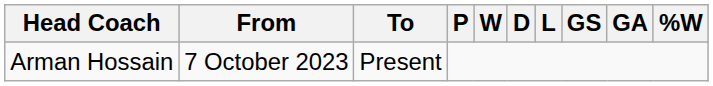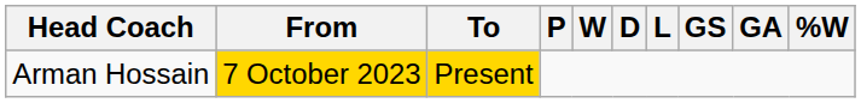 <table class="wikitable sortable" style="text-align: center">
 <tr>
 <th>Head Coach</th>
 <th class="unsortable">From</th>
 <th class="unsortable">To</th>
 <th abbr="3">P</th>
 <th abbr="1">W</th>
 <th abbr="1">D</th>
 <th abbr="1">L</th>
 <th abbr="4">GS</th>
 <th abbr="6">GA</th>
 <th abbr="50">%W</th>
 </tr>
 <tr>
 <td align="left"> Arman Hossain</td>
-<td align="left">7 October 2023</td>
-<td align="left">Present<br></td>
+<td align="left" style="background: gold;">7 October 2023</td>
+<td align="left" style="background: gold;">Present<br></td>
 </tr>
 </table>
